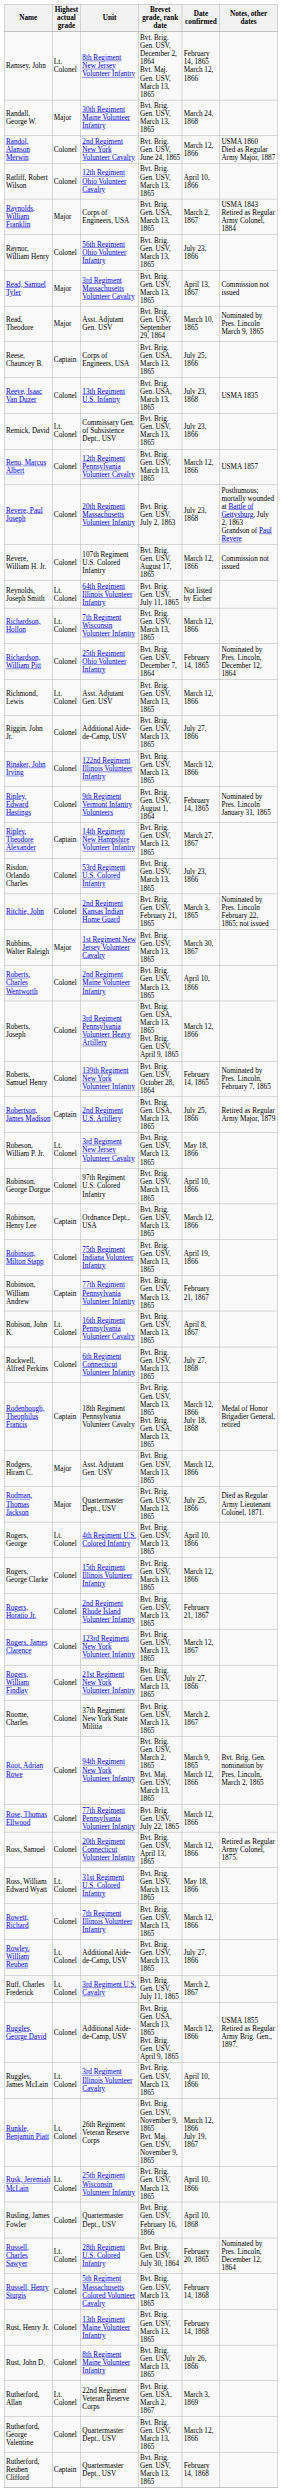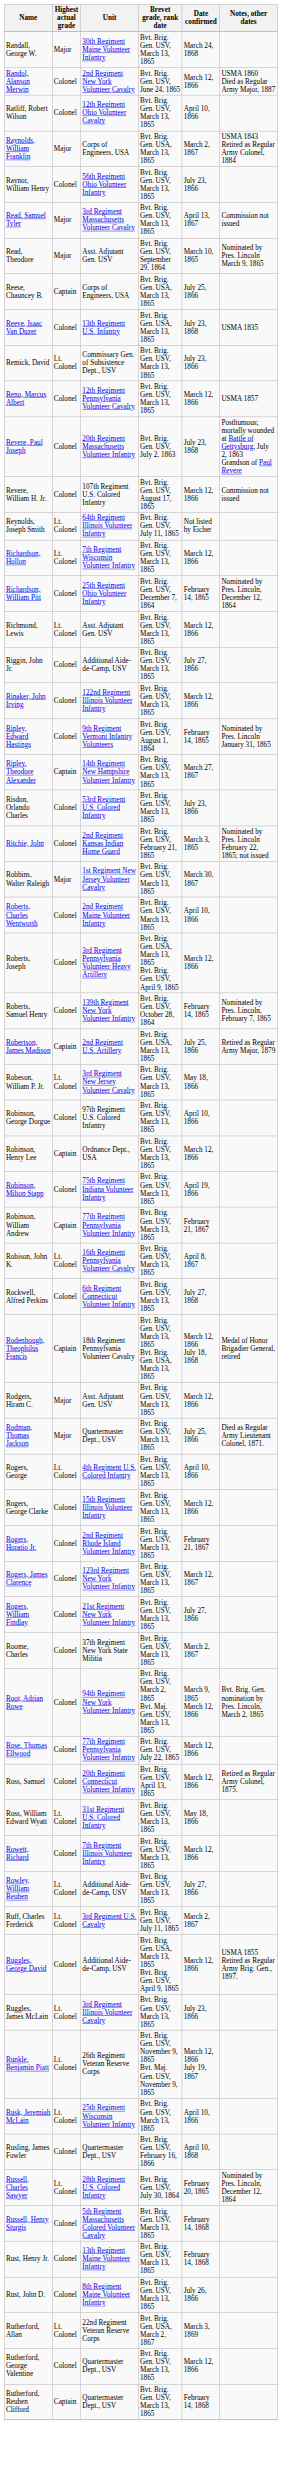 <table class="wikitable sortable">
 <tr>
 <th class="unsortable">Name</th>
 <th>Highest<br>actual grade</th>
 <th>Unit</th>
 <th>Brevet grade, rank date</th>
 <th>Date confirmed</th>
 <th class="unsortable">Notes, other dates</th>
 </tr>
 <tr>
-</tr>
-<tr>
-<td>Ramsey, John</td>
-<td>Lt. Colonel</td>
-<td><a href='#'>8th Regiment New Jersey Volunteer Infantry</a></td>
-<td>Bvt. Brig. Gen. USV, December 2, 1864<br>Bvt. Maj. Gen. USV, March 13, 1865</td>
-<td>February 14, 1865<br>March 12, 1866</td>
-<td></td>
 </tr>
 <tr>
 <td>Randall, George W.</td>
 <td>Major</td>
 <td><a href='#'>30th Regiment Maine Volunteer Infantry</a></td>
 <td>Bvt. Brig. Gen. USV, March 13, 1865</td>
 <td>March 24, 1868</td>
 <td></td>
 </tr>
 <tr>
 <td><a href='#'>Randol, Alanson Merwin</a></td>
 <td>Colonel</td>
 <td><a href='#'>2nd Regiment New York Volunteer Cavalry</a></td>
 <td>Bvt. Brig. Gen. USV, June 24, 1865</td>
 <td>March 12, 1866</td>
 <td>USMA 1860<br>Died as Regular Army Major, 1887</td>
 </tr>
 <tr>
 <td>Ratliff, Robert Wilson</td>
 <td>Colonel</td>
 <td><a href='#'>12th Regiment Ohio Volunteer Cavalry</a></td>
 <td>Bvt. Brig. Gen. USV, March 13, 1865</td>
 <td>April 10, 1866</td>
 <td></td>
 </tr>
 <tr>
 <td><a href='#'>Raynolds, William Franklin</a></td>
 <td>Major</td>
 <td>Corps of Engineers, USA</td>
 <td>Bvt. Brig. Gen. USA, March 13, 1865</td>
 <td>March 2, 1867</td>
 <td>USMA 1843<br>Retired as Regular Army Colonel, 1884</td>
 </tr>
 <tr>
 <td>Raynor, William Henry</td>
 <td>Colonel</td>
 <td><a href='#'>56th Regiment Ohio Volunteer Infantry</a></td>
 <td>Bvt. Brig. Gen. USV, March 13, 1865</td>
 <td>July 23, 1866</td>
 <td></td>
 </tr>
 <tr>
 <td><a href='#'>Read, Samuel Tyler</a></td>
 <td>Major</td>
 <td><a href='#'>3rd Regiment Massachusetts Volunteer Cavalry</a></td>
 <td>Bvt. Brig. Gen. USV, March 13, 1865</td>
 <td>April 13, 1867</td>
 <td>Commission not issued</td>
 </tr>
 <tr>
 <td>Read, Theodore</td>
 <td>Major</td>
 <td>Asst. Adjutant Gen. USV</td>
 <td>Bvt. Brig. Gen. USV, September 29, 1864</td>
 <td>March 10, 1865</td>
 <td>Nominated by Pres. Lincoln March 9, 1865</td>
 </tr>
 <tr>
 <td>Reese, Chauncey B.</td>
 <td>Captain</td>
 <td>Corps of Engineers, USA</td>
 <td>Bvt. Brig. Gen. USA, March 13, 1865</td>
 <td>July 25, 1866</td>
 <td></td>
 </tr>
 <tr>
 <td><a href='#'>Reeve, Isaac Van Duzer</a></td>
 <td>Colonel</td>
 <td><a href='#'>13th Regiment U.S. Infantry</a></td>
 <td>Bvt. Brig. Gen. USA, March 13, 1865</td>
 <td>July 23, 1868</td>
 <td>USMA 1835</td>
 </tr>
 <tr>
 <td>Remick, David</td>
 <td>Lt. Colonel</td>
 <td>Commissary Gen. of Subsistence Dept., USV</td>
 <td>Bvt. Brig. Gen. USV, March 13, 1865</td>
 <td>July 23, 1866</td>
 <td></td>
 </tr>
 <tr>
 <td><a href='#'>Reno, Marcus Albert</a></td>
 <td>Colonel</td>
 <td><a href='#'>12th Regiment Pennsylvania Volunteer Cavalry</a></td>
 <td>Bvt. Brig. Gen. USV, March 13, 1865</td>
 <td>March 12, 1866</td>
 <td>USMA 1857</td>
 </tr>
 <tr>
 <td><a href='#'>Revere, Paul Joseph</a></td>
 <td>Colonel</td>
 <td><a href='#'>20th Regiment Massachusetts Volunteer Infantry</a></td>
 <td>Bvt. Brig. Gen. USV, July 2, 1863</td>
 <td>July 23, 1868</td>
 <td>Posthumous; mortally wounded at <a href='#'>Battle of Gettysburg</a>, July 2, 1863<br>Grandson of <a href='#'>Paul Revere</a></td>
 </tr>
 <tr>
 <td>Revere, William H. Jr.</td>
 <td>Colonel</td>
 <td>107th Regiment U.S. Colored Infantry</td>
 <td>Bvt. Brig. Gen. USV, August 17, 1865</td>
 <td>March 12, 1866</td>
 <td>Commission not issued</td>
 </tr>
 <tr>
 <td>Reynolds, Joseph Smith</td>
 <td>Lt. Colonel</td>
 <td><a href='#'>64th Regiment Illinois Volunteer Infantry</a></td>
 <td>Bvt. Brig. Gen. USV, July 11, 1865</td>
 <td>Not listed by Eicher</td>
 <td></td>
 </tr>
 <tr>
 <td><a href='#'>Richardson, Hollon</a></td>
 <td>Lt. Colonel</td>
 <td><a href='#'>7th Regiment Wisconsin Volunteer Infantry</a></td>
 <td>Bvt. Brig. Gen. USV, March 13, 1865</td>
 <td>March 12, 1866</td>
 <td></td>
 </tr>
 <tr>
 <td><a href='#'>Richardson, William Pitt</a></td>
 <td>Colonel</td>
 <td><a href='#'>25th Regiment Ohio Volunteer Infantry</a></td>
 <td>Bvt. Brig. Gen. USV, December 7, 1864</td>
 <td>February 14, 1865</td>
 <td>Nominated by Pres. Lincoln, December 12, 1864</td>
 </tr>
 <tr>
 <td>Richmond, Lewis</td>
 <td>Lt. Colonel</td>
 <td>Asst. Adjutant Gen. USV</td>
 <td>Bvt. Brig. Gen. USV, March 13, 1865</td>
 <td>March 12, 1866</td>
 <td></td>
 </tr>
 <tr>
 <td>Riggin, John Jr.</td>
 <td>Colonel</td>
 <td>Additional Aide-de-Camp, USV</td>
 <td>Bvt. Brig. Gen. USV, March 13, 1865</td>
 <td>July 27, 1866</td>
 <td></td>
 </tr>
 <tr>
 <td><a href='#'>Rinaker, John Irving</a></td>
 <td>Colonel</td>
 <td><a href='#'>122nd Regiment Illinois Volunteer Infantry</a></td>
 <td>Bvt. Brig. Gen. USV, March 13, 1865</td>
 <td>March 12, 1866</td>
 <td></td>
 </tr>
 <tr>
 <td><a href='#'>Ripley, Edward Hastings</a></td>
 <td>Colonel</td>
 <td><a href='#'>9th Regiment Vermont Infantry Volunteers</a></td>
 <td>Bvt. Brig. Gen. USV, August 1, 1864</td>
 <td>February 14, 1865</td>
 <td>Nominated by Pres. Lincoln January 31, 1865</td>
 </tr>
 <tr>
 <td><a href='#'>Ripley, Theodore Alexander</a></td>
 <td>Captain</td>
 <td><a href='#'>14th Regiment New Hampshire Volunteer Infantry</a></td>
 <td>Bvt. Brig. Gen. USV, March 13, 1865</td>
 <td>March 27, 1867</td>
 <td></td>
 </tr>
 <tr>
 <td>Risdon, Orlando Charles</td>
 <td>Colonel</td>
 <td><a href='#'>53rd Regiment U.S. Colored Infantry</a></td>
 <td>Bvt. Brig. Gen. USV, March 13, 1865</td>
 <td>July 23, 1866</td>
 <td></td>
 </tr>
 <tr>
 <td><a href='#'>Ritchie, John</a></td>
 <td>Colonel</td>
 <td><a href='#'>2nd Regiment Kansas Indian Home Guard</a></td>
 <td>Bvt. Brig. Gen. USV, February 21, 1865</td>
 <td>March 3, 1865</td>
 <td>Nominated by Pres. Lincoln February 22, 1865; not issued</td>
 </tr>
 <tr>
 <td>Robbins, Walter Raleigh</td>
 <td>Major</td>
 <td><a href='#'>1st Regiment New Jersey Volunteer Cavalry</a></td>
 <td>Bvt. Brig. Gen. USV, March 13, 1865</td>
 <td>March 30, 1867</td>
 <td></td>
 </tr>
 <tr>
 <td><a href='#'>Roberts, Charles Wentworth</a></td>
 <td>Colonel</td>
 <td><a href='#'>2nd Regiment Maine Volunteer Infantry</a></td>
 <td>Bvt. Brig. Gen. USV, March 13, 1865</td>
 <td>April 10, 1866</td>
 <td></td>
 </tr>
 <tr>
 <td>Roberts, Joseph</td>
 <td>Colonel</td>
 <td><a href='#'>3rd Regiment Pennsylvania Volunteer Heavy Artillery</a></td>
 <td>Bvt. Brig. Gen. USA, March 13, 1865<br>Bvt. Brig. Gen. USV, April 9, 1865</td>
 <td>March 12, 1866</td>
 <td></td>
 </tr>
 <tr>
 <td>Roberts, Samuel Henry</td>
 <td>Colonel</td>
 <td><a href='#'>139th Regiment New York Volunteer Infantry</a></td>
 <td>Bvt. Brig. Gen. USV, October 28, 1864</td>
 <td>February 14, 1865</td>
 <td>Nominated by Pres. Lincoln, February 7, 1865</td>
 </tr>
 <tr>
 <td><a href='#'>Robertson, James Madison</a></td>
 <td>Captain</td>
 <td><a href='#'>2nd Regiment U.S. Artillery</a></td>
 <td>Bvt. Brig. Gen. USA, March 13, 1865</td>
 <td>July 25, 1866</td>
 <td>Retired as Regular Army Major, 1879</td>
 </tr>
 <tr>
 <td>Robeson, William P. Jr.</td>
 <td>Lt. Colonel</td>
 <td><a href='#'>3rd Regiment New Jersey Volunteer Cavalry</a></td>
 <td>Bvt. Brig. Gen. USV, March 13, 1865</td>
 <td>May 18, 1866</td>
 <td></td>
 </tr>
 <tr>
 <td>Robinson, George Dorgue</td>
 <td>Colonel</td>
 <td>97th Regiment U.S. Colored Infantry</td>
 <td>Bvt. Brig. Gen. USV, March 13, 1865</td>
 <td>April 10, 1866</td>
 <td></td>
 </tr>
 <tr>
 <td>Robinson, Henry Lee</td>
 <td>Captain</td>
 <td>Ordnance Dept., USA</td>
 <td>Bvt. Brig. Gen. USV, March 13, 1865</td>
 <td>March 12, 1866</td>
 <td></td>
 </tr>
 <tr>
 <td><a href='#'>Robinson, Milton Stapp</a></td>
 <td>Colonel</td>
 <td><a href='#'>75th Regiment Indiana Volunteer Infantry</a></td>
 <td>Bvt. Brig. Gen. USV, March 13, 1865</td>
 <td>April 19, 1866</td>
 <td></td>
 </tr>
 <tr>
 <td>Robinson, William Andrew</td>
 <td>Captain</td>
 <td><a href='#'>77th Regiment Pennsylvania Volunteer Infantry</a></td>
 <td>Bvt. Brig. Gen. USV, March 13, 1865</td>
 <td>February 21, 1867</td>
 <td></td>
 </tr>
 <tr>
 <td>Robison, John K.</td>
 <td>Lt. Colonel</td>
 <td><a href='#'>16th Regiment Pennsylvania Volunteer Cavalry</a></td>
 <td>Bvt. Brig. Gen. USV, March 13, 1865</td>
 <td>April 8, 1867</td>
 <td></td>
 </tr>
 <tr>
 <td>Rockwell, Alfred Perkins</td>
 <td>Colonel</td>
 <td><a href='#'>6th Regiment Connecticut Volunteer Infantry</a></td>
 <td>Bvt. Brig. Gen. USV, March 13, 1865</td>
 <td>July 27, 1868</td>
 <td></td>
 </tr>
 <tr>
 <td><a href='#'>Rodenbough, Theophilus Francis</a></td>
 <td>Captain</td>
 <td>18th Regiment Pennsylvania Volunteer Cavalry</td>
 <td>Bvt. Brig. Gen. USV, March 13, 1865<br>Bvt. Brig. Gen. USA, March 13, 1865</td>
 <td>March 12, 1866<br>July 18, 1868</td>
 <td>Medal of Honor<br>Brigadier General, retired</td>
 </tr>
 <tr>
 <td>Rodgers, Hiram C.</td>
 <td>Major</td>
 <td>Asst. Adjutant Gen. USV</td>
 <td>Bvt. Brig. Gen. USV, March 13, 1865</td>
 <td>March 12, 1866</td>
 <td></td>
 </tr>
 <tr>
 <td><a href='#'>Rodman, Thomas Jackson</a></td>
 <td>Major</td>
 <td>Quartermaster Dept., USV</td>
 <td>Bvt. Brig. Gen. USV, March 13, 1865</td>
 <td>July 25, 1866</td>
 <td>Died as Regular Army Lieutenant Colonel, 1871.</td>
 </tr>
 <tr>
 <td>Rogers, George</td>
 <td>Lt. Colonel</td>
 <td><a href='#'>4th Regiment U.S. Colored Infantry</a></td>
 <td>Bvt. Brig. Gen. USV, March 13, 1865</td>
 <td>April 10, 1866</td>
 <td></td>
 </tr>
 <tr>
 <td>Rogers, George Clarke</td>
 <td>Colonel</td>
 <td><a href='#'>15th Regiment Illinois Volunteer Infantry</a></td>
 <td>Bvt. Brig. Gen. USV, March 13, 1865</td>
 <td>March 12, 1866</td>
 <td></td>
 </tr>
 <tr>
 <td><a href='#'>Rogers, Horatio Jr.</a></td>
 <td>Colonel</td>
 <td><a href='#'>2nd Regiment Rhode Island Volunteer Infantry</a></td>
 <td>Bvt. Brig. Gen. USV, March 13, 1865</td>
 <td>February 21, 1867</td>
 <td></td>
 </tr>
 <tr>
 <td><a href='#'>Rogers, James Clarence</a></td>
 <td>Colonel</td>
 <td><a href='#'>123rd Regiment New York Volunteer Infantry</a></td>
 <td>Bvt. Brig. Gen. USV, March 13, 1865</td>
 <td>March 12, 1867</td>
 <td></td>
 </tr>
 <tr>
 <td><a href='#'>Rogers, William Findlay</a></td>
 <td>Colonel</td>
 <td><a href='#'>21st Regiment New York Volunteer Infantry</a></td>
 <td>Bvt. Brig. Gen. USV, March 13, 1865</td>
 <td>July 27, 1866</td>
 <td></td>
 </tr>
 <tr>
 <td>Roome, Charles</td>
 <td>Colonel</td>
 <td>37th Regiment New York State Militia</td>
 <td>Bvt. Brig. Gen. USV, March 13, 1865</td>
 <td>March 2, 1867</td>
 <td></td>
 </tr>
 <tr>
 <td><a href='#'>Root, Adrian Rowe</a></td>
 <td>Colonel</td>
 <td><a href='#'>94th Regiment New York Volunteer Infantry</a></td>
 <td>Bvt. Brig. Gen. USV, March 2, 1865 <br>Bvt. Maj. Gen. USV, March 13, 1865</td>
 <td>March 9, 1865<br>March 12, 1866</td>
 <td>Bvt. Brig. Gen. nomination by<br>Pres. Lincoln, March 2, 1865</td>
 </tr>
 <tr>
 <td><a href='#'>Rose, Thomas Ellwood</a></td>
 <td>Colonel</td>
 <td><a href='#'>77th Regiment Pennsylvania Volunteer Infantry</a></td>
 <td>Bvt. Brig. Gen. USV, July 22, 1865</td>
 <td>March 12, 1866</td>
 <td></td>
 </tr>
 <tr>
 <td>Ross, Samuel</td>
 <td>Colonel</td>
 <td><a href='#'>20th Regiment Connecticut Volunteer Infantry</a></td>
 <td>Bvt. Brig. Gen. USV, April 13, 1865</td>
 <td>March 12, 1866</td>
 <td>Retired as Regular Army Colonel, 1875.</td>
 </tr>
 <tr>
 <td>Ross, William Edward Wyatt</td>
 <td>Lt. Colonel</td>
 <td><a href='#'>31st Regiment U.S. Colored Infantry</a></td>
 <td>Bvt. Brig. Gen. USV, March 13, 1865</td>
 <td>May 18, 1866</td>
 <td></td>
 </tr>
 <tr>
 <td><a href='#'>Rowett, Richard</a></td>
 <td>Colonel</td>
 <td><a href='#'>7th Regiment Illinois Volunteer Infantry</a></td>
 <td>Bvt. Brig. Gen. USV, March 13, 1865</td>
 <td>March 12, 1866</td>
 <td></td>
 </tr>
 <tr>
 <td><a href='#'>Rowley, William Reuben</a></td>
 <td>Lt. Colonel</td>
 <td>Additional Aide-de-Camp, USV</td>
 <td>Bvt. Brig. Gen. USV, March 13, 1865</td>
 <td>July 27, 1866</td>
 <td></td>
 </tr>
 <tr>
 <td>Ruff, Charles Frederick</td>
 <td>Lt. Colonel</td>
 <td><a href='#'>3rd Regiment U.S. Cavalry</a></td>
 <td>Bvt. Brig. Gen. USV, July 11, 1865</td>
 <td>March 2, 1867</td>
 <td></td>
 </tr>
 <tr>
 <td><a href='#'>Ruggles, George David</a></td>
 <td>Colonel</td>
 <td>Additional Aide-de-Camp, USV</td>
 <td>Bvt. Brig. Gen. USA, March 13, 1865<br>Bvt. Brig. Gen. USV, April 9, 1865</td>
 <td>March 12, 1866</td>
 <td>USMA 1855<br>Retired as Regular Army Brig. Gen., 1897.</td>
 </tr>
 <tr>
 <td>Ruggles, James McLain</td>
 <td>Lt. Colonel</td>
 <td><a href='#'>3rd Regiment Illinois Volunteer Cavalry</a></td>
 <td>Bvt. Brig. Gen. USV, March 13, 1865</td>
-<td>April 10, 1866</td>
+<td>July 23, 1866</td>
 <td></td>
 </tr>
 <tr>
 <td><a href='#'>Runkle, Benjamin Piatt</a></td>
 <td>Lt. Colonel</td>
 <td>26th Regiment Veteran Reserve Corps</td>
 <td>Bvt. Brig. Gen. USV, November 9, 1865<br>Bvt. Maj. Gen. USV, November 9, 1865</td>
 <td>March 12, 1866<br>July 19, 1867</td>
 <td></td>
 </tr>
 <tr>
 <td><a href='#'>Rusk, Jeremiah McLain</a></td>
 <td>Lt. Colonel</td>
 <td><a href='#'>25th Regiment Wisconsin Volunteer Infantry</a></td>
 <td>Bvt. Brig. Gen. USV, March 13, 1865</td>
 <td>April 10, 1866</td>
 <td></td>
 </tr>
 <tr>
 <td>Rusling, James Fowler</td>
 <td>Colonel</td>
 <td>Quartermaster Dept., USV</td>
 <td>Bvt. Brig. Gen. USV, February 16, 1866</td>
 <td>April 10, 1868</td>
 <td></td>
 </tr>
 <tr>
 <td><a href='#'>Russell, Charles Sawyer</a></td>
 <td>Lt. Colonel</td>
 <td><a href='#'>28th Regiment U.S. Colored Infantry</a></td>
 <td>Bvt. Brig. Gen. USV, July 30, 1864</td>
 <td>February 20, 1865</td>
 <td>Nominated by Pres. Lincoln, December 12, 1864</td>
 </tr>
 <tr>
 <td><a href='#'>Russell, Henry Sturgis</a></td>
 <td>Colonel</td>
 <td><a href='#'>5th Regiment Massachusetts Colored Volunteer Cavalry</a></td>
 <td>Bvt. Brig. Gen. USV, March 13, 1865</td>
 <td>February 14, 1868</td>
 <td></td>
 </tr>
 <tr>
 <td>Rust, Henry Jr.</td>
 <td>Colonel</td>
 <td><a href='#'>13th Regiment Maine Volunteer Infantry</a></td>
 <td>Bvt. Brig. Gen. USV, March 13, 1865</td>
 <td>February 14, 1868</td>
 <td></td>
 </tr>
 <tr>
 <td>Rust, John D.</td>
 <td>Colonel</td>
 <td><a href='#'>8th Regiment Maine Volunteer Infantry</a></td>
 <td>Bvt. Brig. Gen. USV, March 13, 1865</td>
 <td>July 26, 1866</td>
 <td></td>
 </tr>
 <tr>
 <td>Rutherford, Allan</td>
 <td>Lt. Colonel</td>
 <td>22nd Regiment Veteran Reserve Corps</td>
 <td>Bvt. Brig. Gen. USA, March 2, 1867</td>
 <td>March 3, 1869</td>
 <td></td>
 </tr>
 <tr>
 <td>Rutherford, George Valentine</td>
 <td>Colonel</td>
 <td>Quartermaster Dept., USV</td>
 <td>Bvt. Brig. Gen. USV, March 13, 1865</td>
 <td>March 12, 1866</td>
 <td></td>
 </tr>
 <tr>
 <td>Rutherford, Reuben Clifford</td>
 <td>Captain</td>
 <td>Quartermaster Dept., USV</td>
 <td>Bvt. Brig. Gen. USV, March 13, 1865</td>
 <td>February 14, 1868</td>
 <td></td>
 </tr>
 <tr>
 </tr>
 </table>
